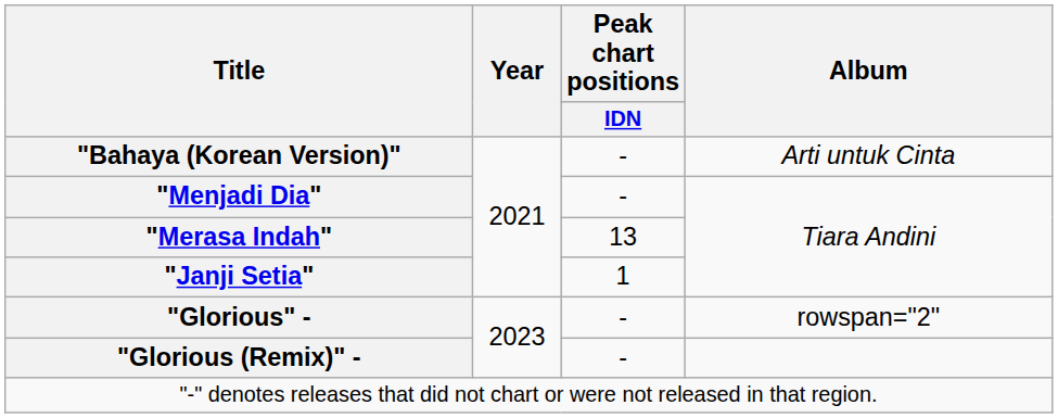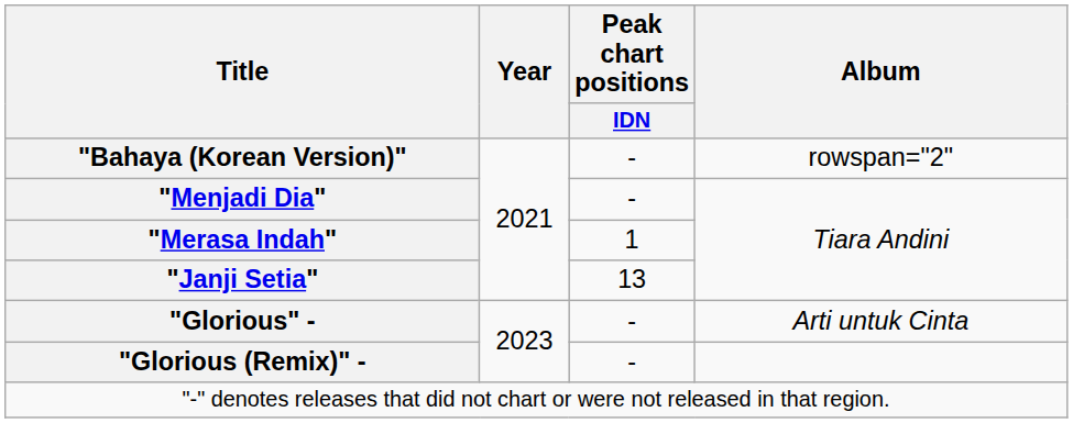 <table class="wikitable plainrowheaders" style="text-align:center;">
 <tr>
 <th rowspan="2" scope="col" style="width:18em;">Title</th>
 <th rowspan="2" scope="col" style="width:3em;">Year</th>
 <th colspan="1" scope="col">Peak chart<br>positions</th>
 <th rowspan="2" scope="col" style="width:14em;">Album</th>
 </tr>
 <tr>
 <th scope="col" style="width:3em;font-size:85%"><a href='#'>IDN</a><br></th>
 </tr>
 <tr>
 <th scope="row">"Bahaya (Korean Version)"</th>
 <td rowspan="4">2021</td>
 <td>-</td>
-<td><em>Arti untuk Cinta</em></td>
+<td>rowspan="2" </td>
 </tr>
 <tr>
 <th scope="row">"<a href='#'>Menjadi Dia</a>"</th>
 <td>-</td>
 <td rowspan="3"><em>Tiara Andini</em></td>
 </tr>
 <tr>
 <th scope="row">"<a href='#'>Merasa Indah</a>"</th>
-<td>13</td>
+<td>1</td>
 </tr>
 <tr>
 <th scope="row">"<a href='#'>Janji Setia</a>"</th>
-<td>1</td>
+<td>13</td>
 </tr>
 <tr>
 <th scope="row">"Glorious" -<em></em><br></th>
 <td rowspan="2">2023</td>
 <td>-</td>
-<td>rowspan="2" </td>
+<td><em>Arti untuk Cinta</em></td>
 </tr>
 <tr>
 <th scope="row">"Glorious (Remix)" -<em></em><br></th>
 <td>-</td>
 </tr>
 <tr>
 <td colspan="4" style="font-size:85%">"-" denotes releases that did not chart or were not released in that region.</td>
 </tr>
 </table>
